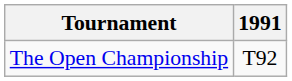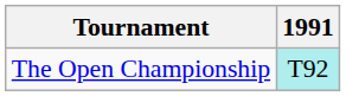 <table class="wikitable" style="font-size:95%;text-align:center;">
 <tr>
 <th>Tournament</th>
 <th>1991</th>
 </tr>
 <tr>
 <td align=left><a href='#'>The Open Championship</a></td>
-<td>T92</td>
+<td style="background: paleturquoise;">T92</td>
 </tr>
 </table>
